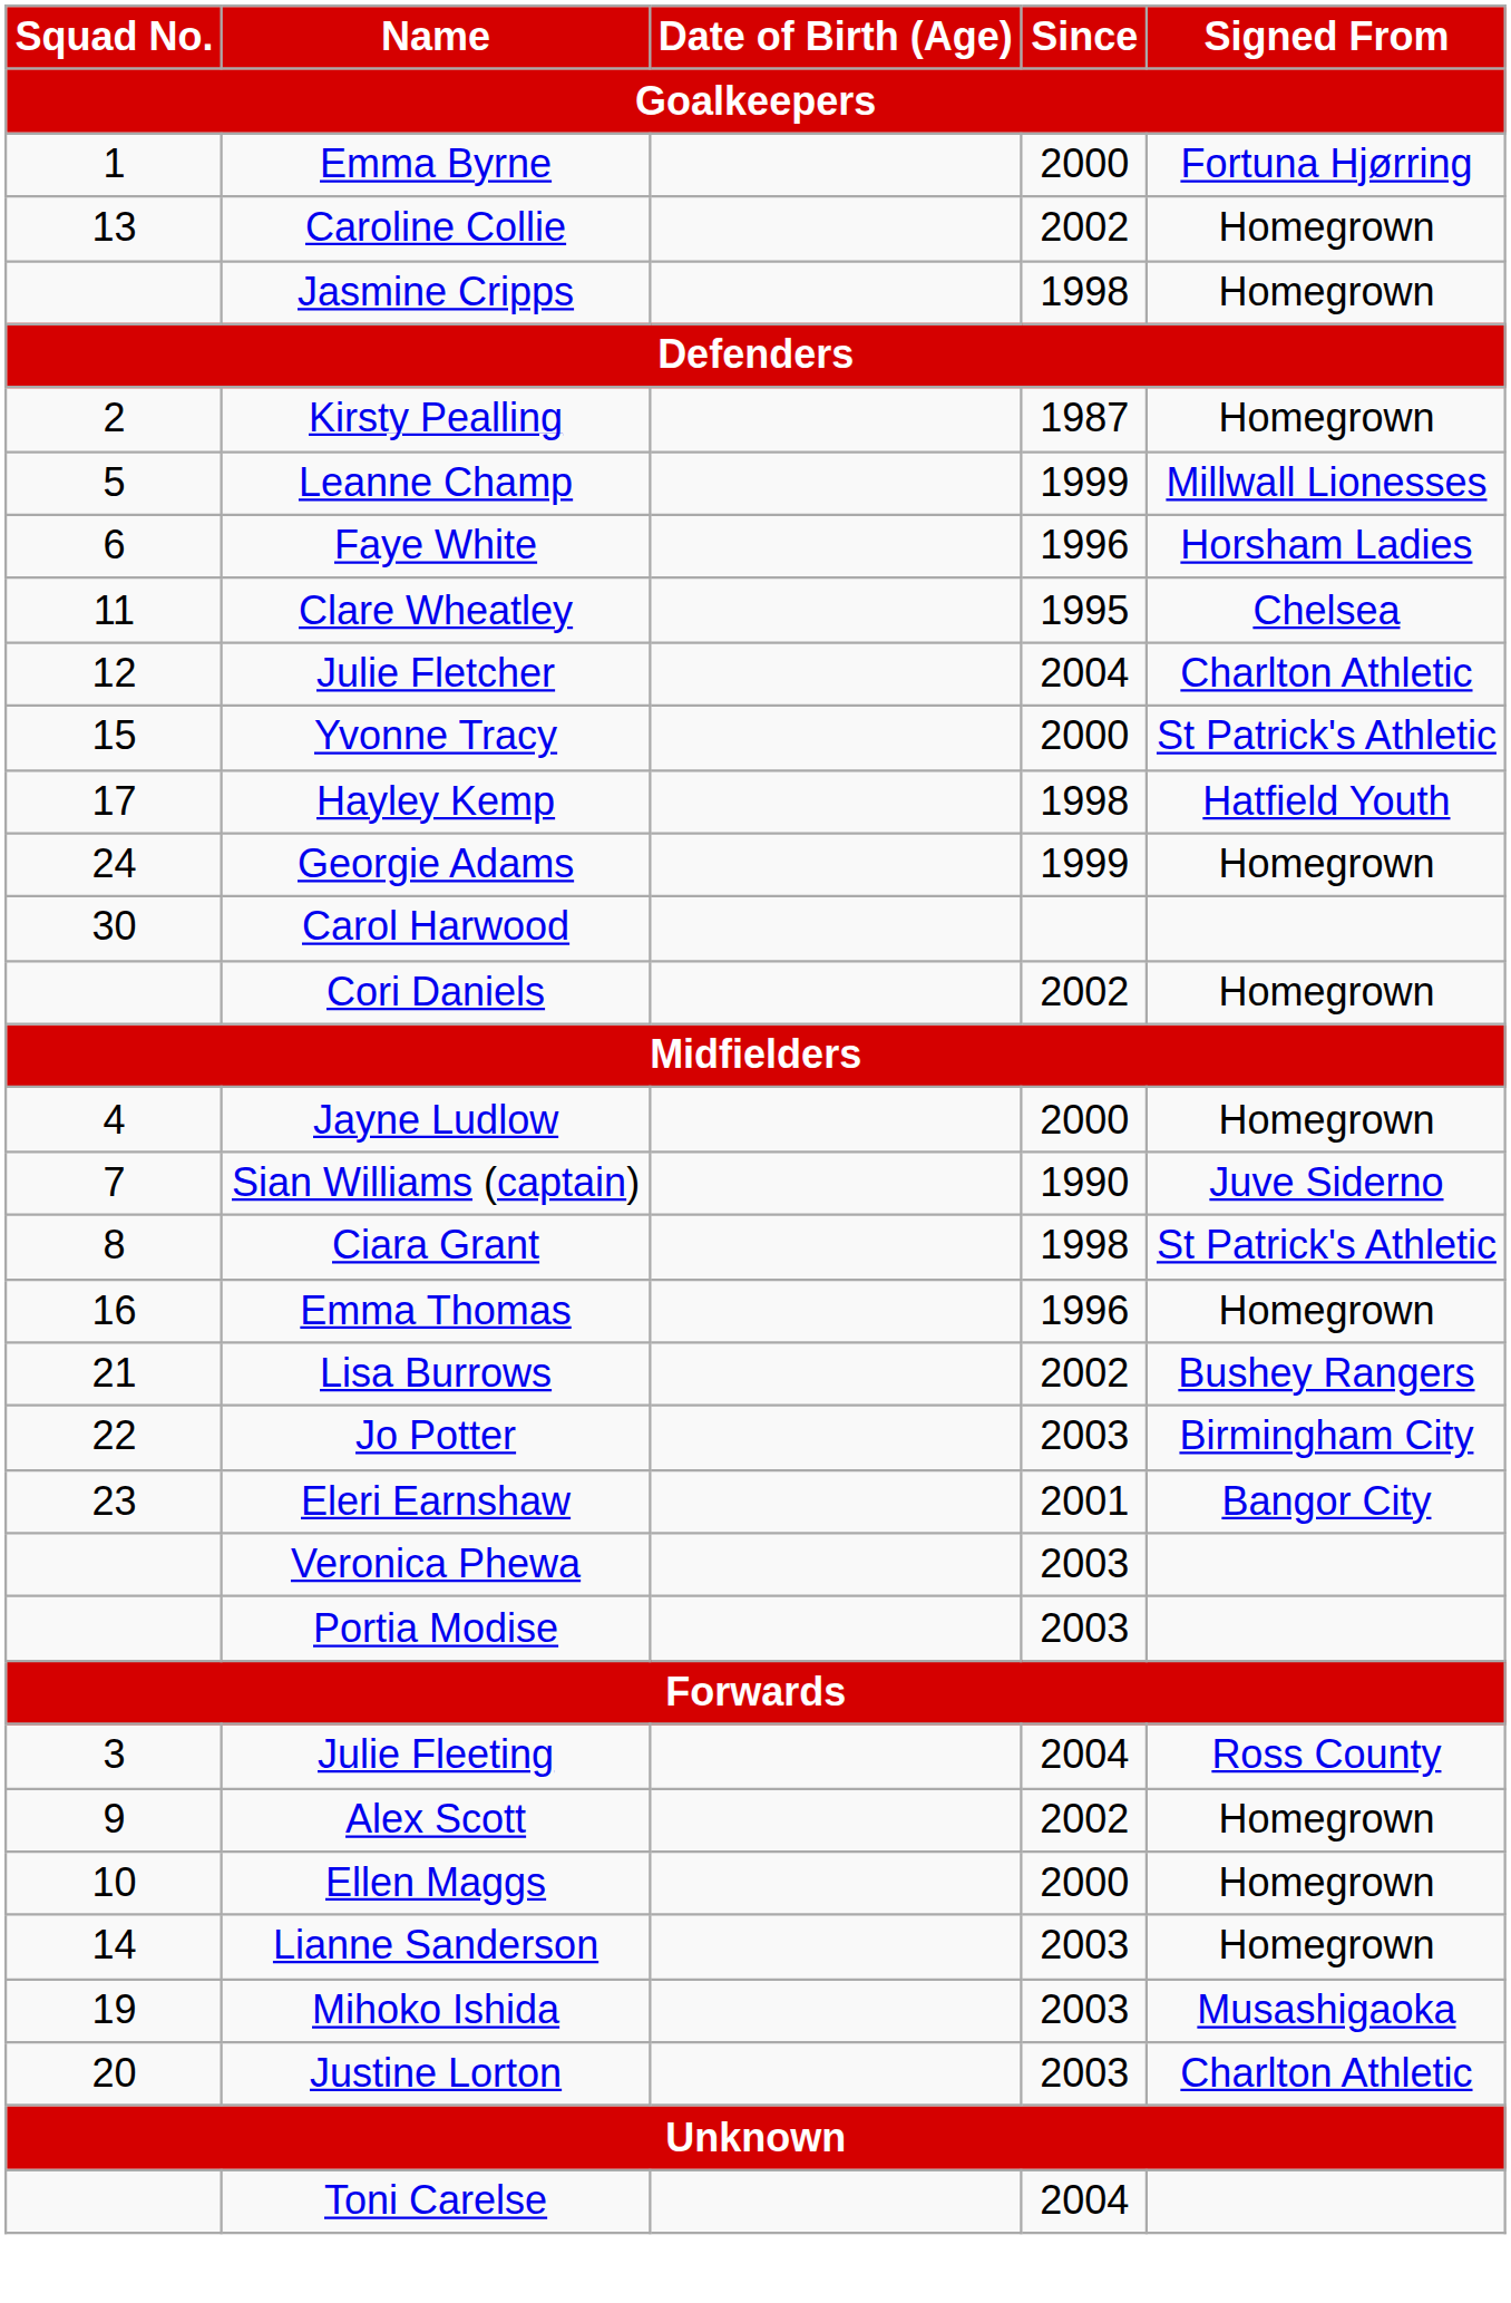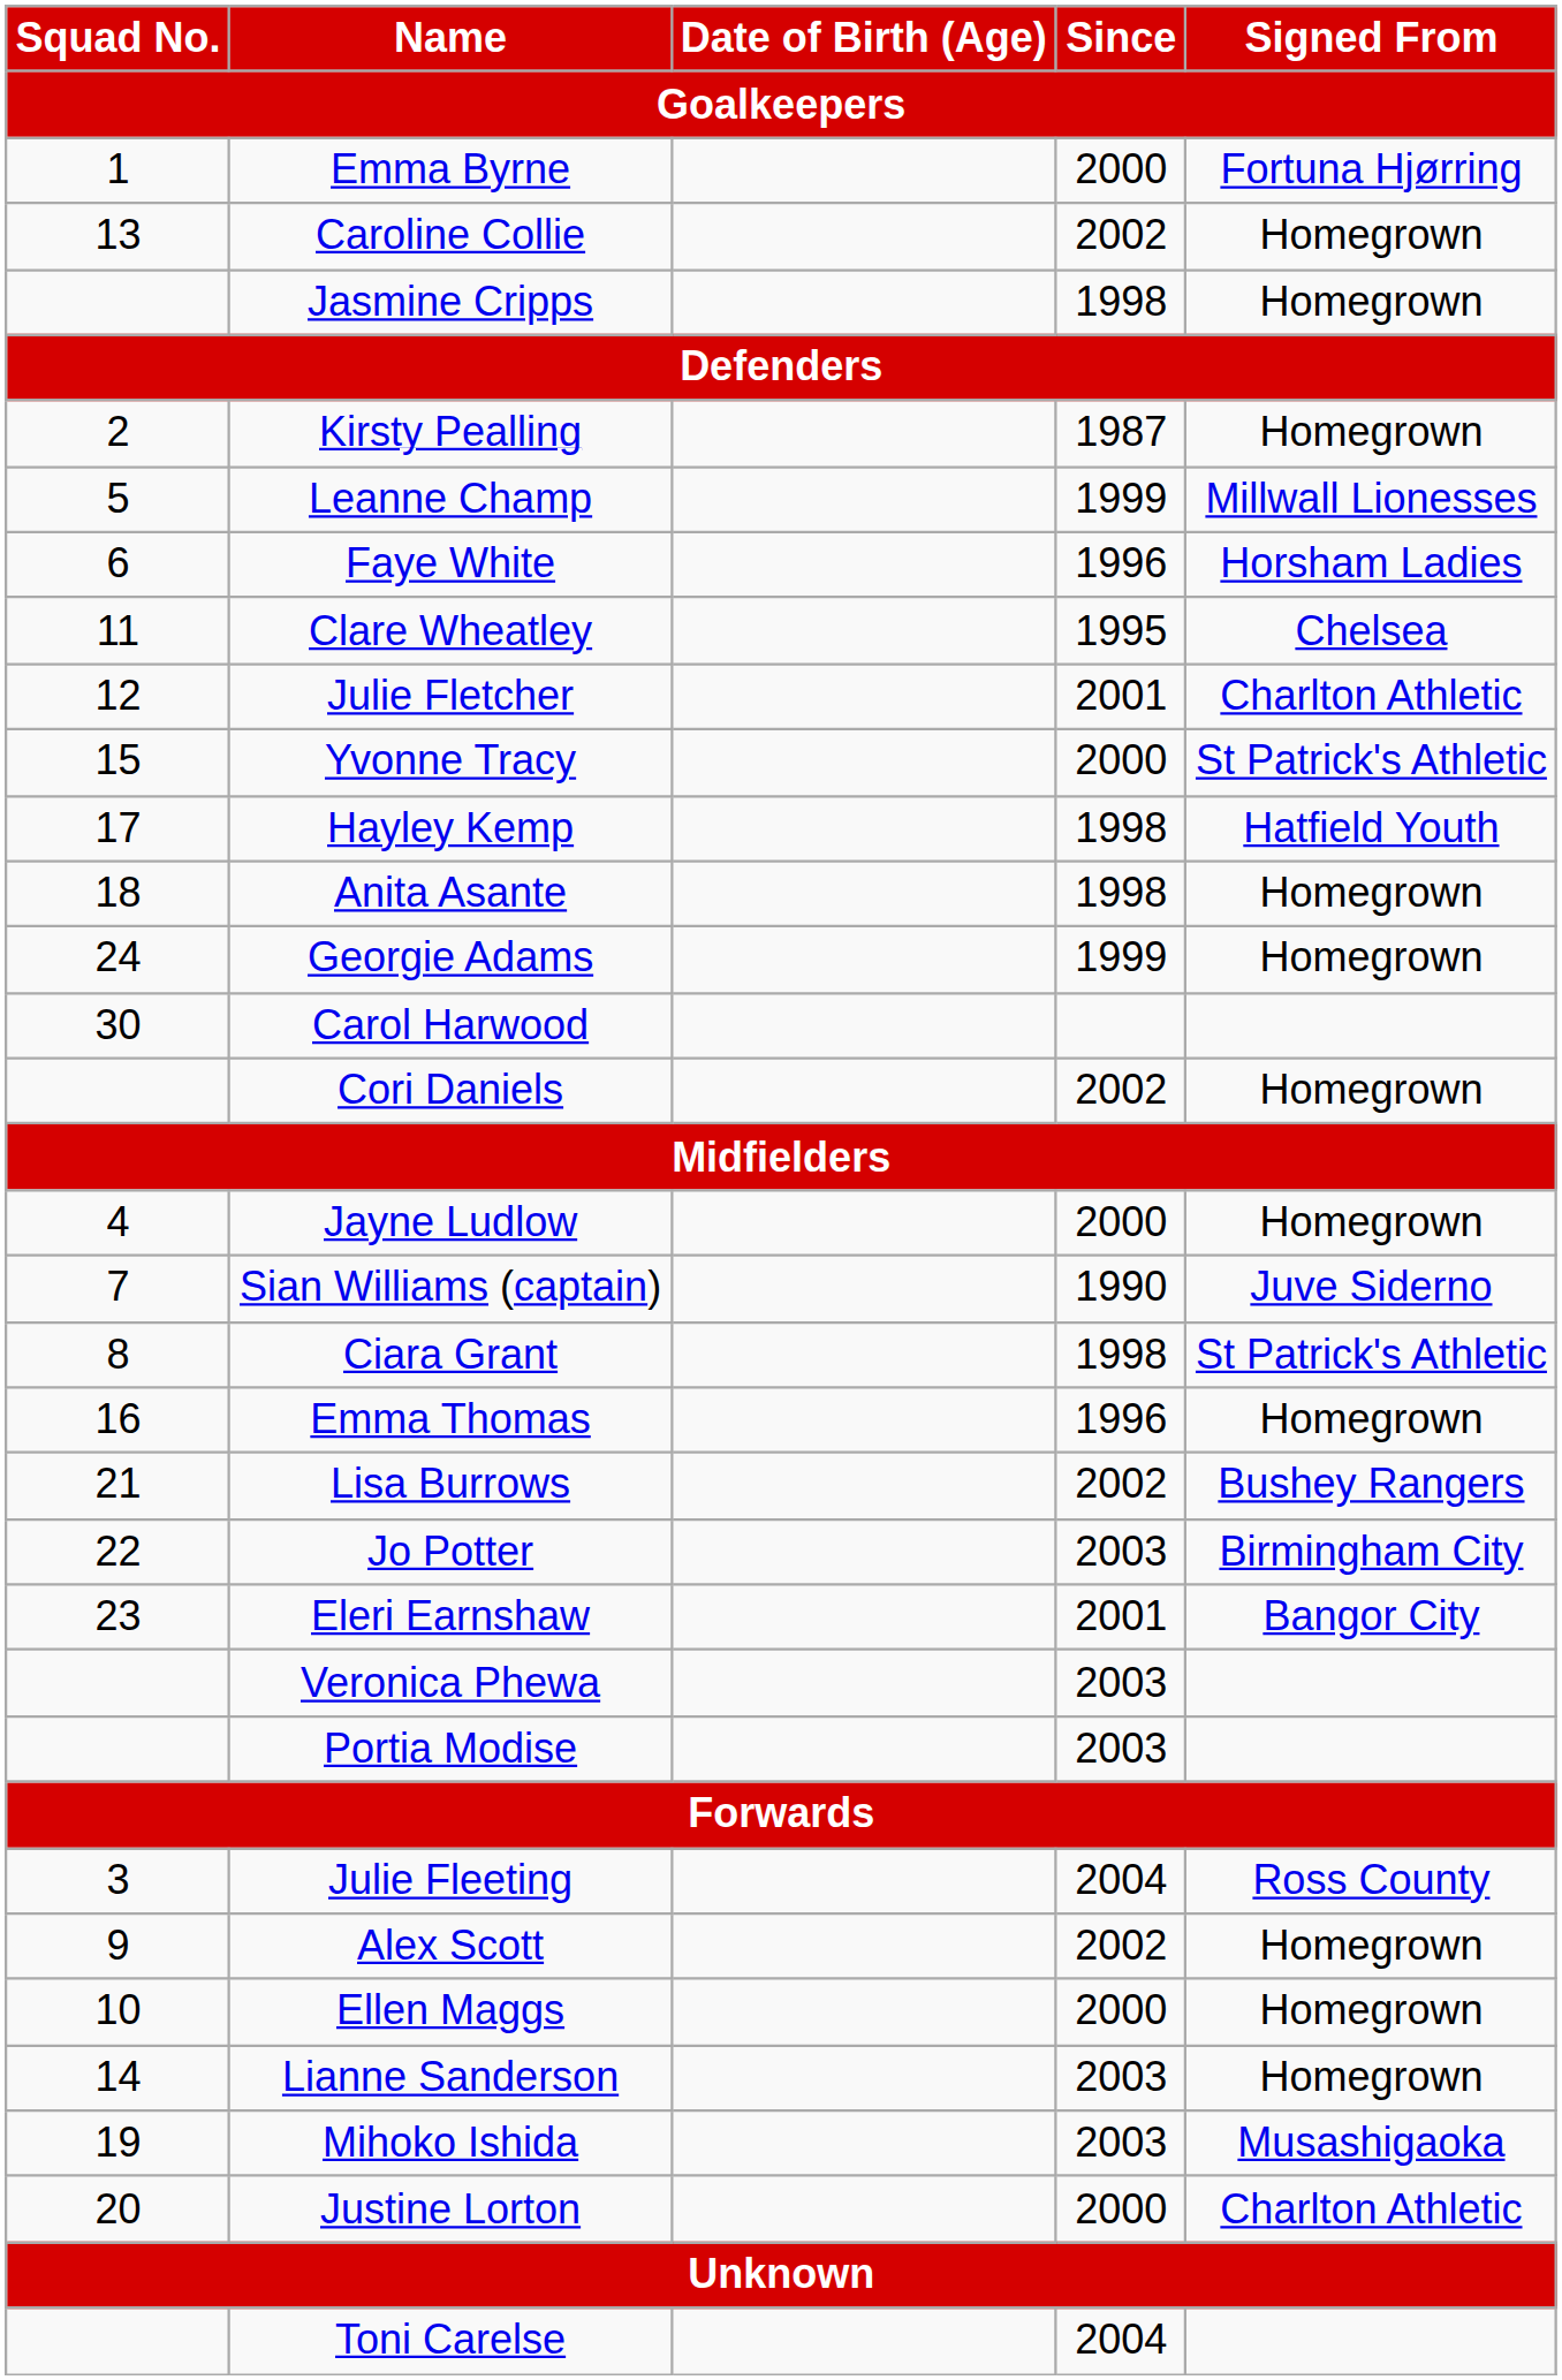 <table class="wikitable" style="text-align:center; font-size:100%; ">
 <tr>
 <th style="background:#d50000; color:white; text-align:center;">Squad No.</th>
 <th style="background:#d50000; color:white; text-align:center;">Name</th>
 <th style="background:#d50000; color:white; text-align:center;">Date of Birth (Age)</th>
 <th style="background:#d50000; color:white; text-align:center;">Since</th>
 <th style="background:#d50000; color:white; text-align:center;">Signed From</th>
 </tr>
 <tr>
 <th colspan="5" style="background:#d50000; color:white; text-align:center">Goalkeepers</th>
 </tr>
 <tr>
 <td>1</td>
 <td> <a href='#'>Emma Byrne</a></td>
 <td></td>
 <td>2000</td>
 <td> <a href='#'>Fortuna Hjørring</a></td>
 </tr>
 <tr>
 <td>13</td>
 <td> <a href='#'>Caroline Collie</a></td>
 <td></td>
 <td>2002</td>
 <td>Homegrown</td>
 </tr>
 <tr>
 <td></td>
 <td> <a href='#'>Jasmine Cripps</a></td>
 <td></td>
 <td>1998</td>
 <td>Homegrown</td>
 </tr>
 <tr>
 <th colspan="5" style="background:#d50000; color:white; text-align:center">Defenders</th>
 </tr>
 <tr>
 <td>2</td>
 <td> <a href='#'>Kirsty Pealling</a></td>
 <td></td>
 <td>1987</td>
 <td>Homegrown</td>
 </tr>
 <tr>
 <td>5</td>
 <td> <a href='#'>Leanne Champ</a></td>
 <td></td>
 <td>1999</td>
 <td> <a href='#'>Millwall Lionesses</a></td>
 </tr>
 <tr>
 <td>6</td>
 <td> <a href='#'>Faye White</a></td>
 <td></td>
 <td>1996</td>
 <td> <a href='#'>Horsham Ladies</a></td>
 </tr>
 <tr>
 <td>11</td>
 <td> <a href='#'>Clare Wheatley</a></td>
 <td></td>
 <td>1995</td>
 <td> <a href='#'>Chelsea</a></td>
 </tr>
 <tr>
 <td>12</td>
 <td> <a href='#'>Julie Fletcher</a></td>
 <td></td>
-<td>2004</td>
+<td>2001</td>
 <td> <a href='#'>Charlton Athletic</a></td>
 </tr>
 <tr>
 <td>15</td>
 <td> <a href='#'>Yvonne Tracy</a></td>
 <td></td>
 <td>2000</td>
 <td> <a href='#'>St Patrick's Athletic</a></td>
 </tr>
 <tr>
 <td>17</td>
 <td> <a href='#'>Hayley Kemp</a></td>
 <td></td>
 <td>1998</td>
 <td> <a href='#'>Hatfield Youth</a></td>
+</tr>
+<tr>
+<td>18</td>
+<td> <a href='#'>Anita Asante</a></td>
+<td></td>
+<td>1998</td>
+<td>Homegrown</td>
 </tr>
 <tr>
 <td>24</td>
 <td> <a href='#'>Georgie Adams</a></td>
 <td></td>
 <td>1999</td>
 <td>Homegrown</td>
 </tr>
 <tr>
 <td>30</td>
 <td> <a href='#'>Carol Harwood</a></td>
 <td></td>
 <td></td>
 <td></td>
 </tr>
 <tr>
 <td></td>
 <td> <a href='#'>Cori Daniels</a></td>
 <td></td>
 <td>2002</td>
 <td>Homegrown</td>
 </tr>
 <tr>
 <th colspan="5" style="background:#d50000; color:white; text-align:center">Midfielders</th>
 </tr>
 <tr>
 <td>4</td>
 <td> <a href='#'>Jayne Ludlow</a></td>
 <td></td>
 <td>2000</td>
 <td>Homegrown</td>
 </tr>
 <tr>
 <td>7</td>
 <td> <a href='#'>Sian Williams</a> (<a href='#'>captain</a>)</td>
 <td></td>
 <td>1990</td>
 <td> <a href='#'>Juve Siderno</a></td>
 </tr>
 <tr>
 <td>8</td>
 <td> <a href='#'>Ciara Grant</a></td>
 <td></td>
 <td>1998</td>
 <td> <a href='#'>St Patrick's Athletic</a></td>
 </tr>
 <tr>
 <td>16</td>
 <td> <a href='#'>Emma Thomas</a></td>
 <td></td>
 <td>1996</td>
 <td>Homegrown</td>
 </tr>
 <tr>
 <td>21</td>
 <td> <a href='#'>Lisa Burrows</a></td>
 <td></td>
 <td>2002</td>
 <td><em></em> <a href='#'>Bushey Rangers</a></td>
 </tr>
 <tr>
 <td>22</td>
 <td> <a href='#'>Jo Potter</a></td>
 <td></td>
 <td>2003</td>
 <td> <a href='#'>Birmingham City</a></td>
 </tr>
 <tr>
 <td>23</td>
 <td> <a href='#'>Eleri Earnshaw</a></td>
 <td></td>
 <td>2001</td>
 <td> <a href='#'>Bangor City</a></td>
 </tr>
 <tr>
 <td></td>
 <td> <a href='#'>Veronica Phewa</a></td>
 <td></td>
 <td>2003</td>
 <td></td>
 </tr>
 <tr>
 <td></td>
 <td> <a href='#'>Portia Modise</a></td>
 <td></td>
 <td>2003</td>
 <td></td>
 </tr>
 <tr>
 <th colspan="5" style="background:#d50000; color:white; text-align:center">Forwards</th>
 </tr>
 <tr>
 <td>3</td>
 <td> <a href='#'>Julie Fleeting</a></td>
 <td></td>
 <td>2004</td>
 <td> <a href='#'>Ross County</a></td>
 </tr>
 <tr>
 <td>9</td>
 <td> <a href='#'>Alex Scott</a></td>
 <td></td>
 <td>2002</td>
 <td>Homegrown</td>
 </tr>
 <tr>
 <td>10</td>
 <td> <a href='#'>Ellen Maggs</a></td>
 <td></td>
 <td>2000</td>
 <td>Homegrown</td>
 </tr>
 <tr>
 <td>14</td>
 <td> <a href='#'>Lianne Sanderson</a></td>
 <td></td>
 <td>2003</td>
 <td>Homegrown</td>
 </tr>
 <tr>
 <td>19</td>
 <td> <a href='#'>Mihoko Ishida</a></td>
 <td></td>
 <td>2003</td>
 <td><a href='#'>Musashigaoka</a></td>
 </tr>
 <tr>
 <td>20</td>
 <td> <a href='#'>Justine Lorton</a></td>
 <td></td>
-<td>2003</td>
+<td>2000</td>
 <td> <a href='#'>Charlton Athletic</a></td>
 </tr>
 <tr>
 <th colspan="5" style="background:#d50000; color:white; text-align:center">Unknown</th>
 </tr>
 <tr>
 <td></td>
 <td> <a href='#'>Toni Carelse</a></td>
 <td></td>
 <td>2004</td>
 <td></td>
 </tr>
 </table>
